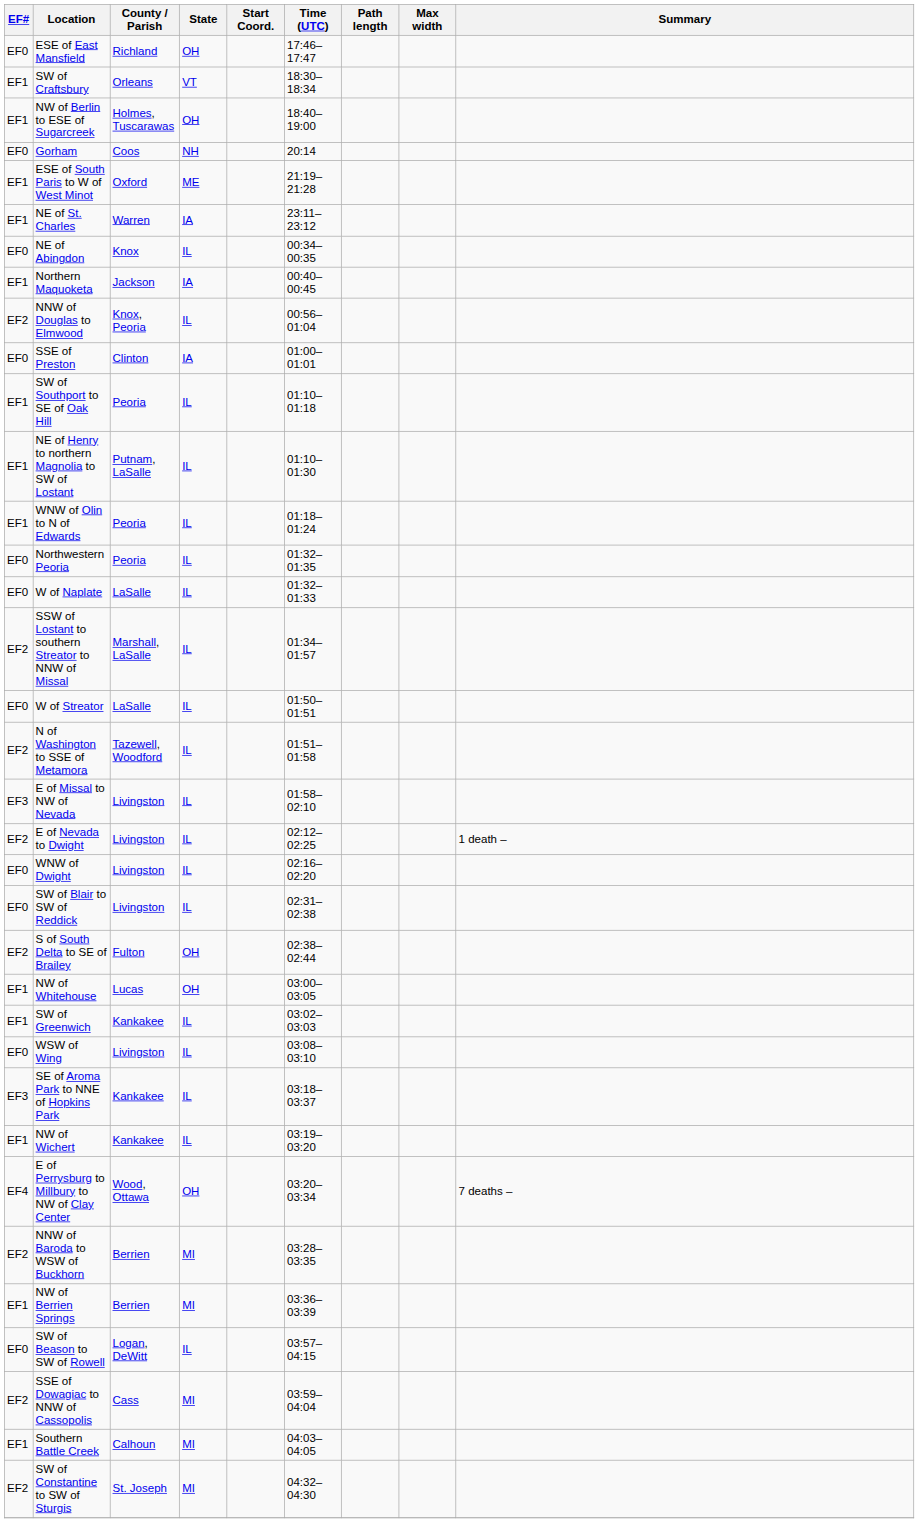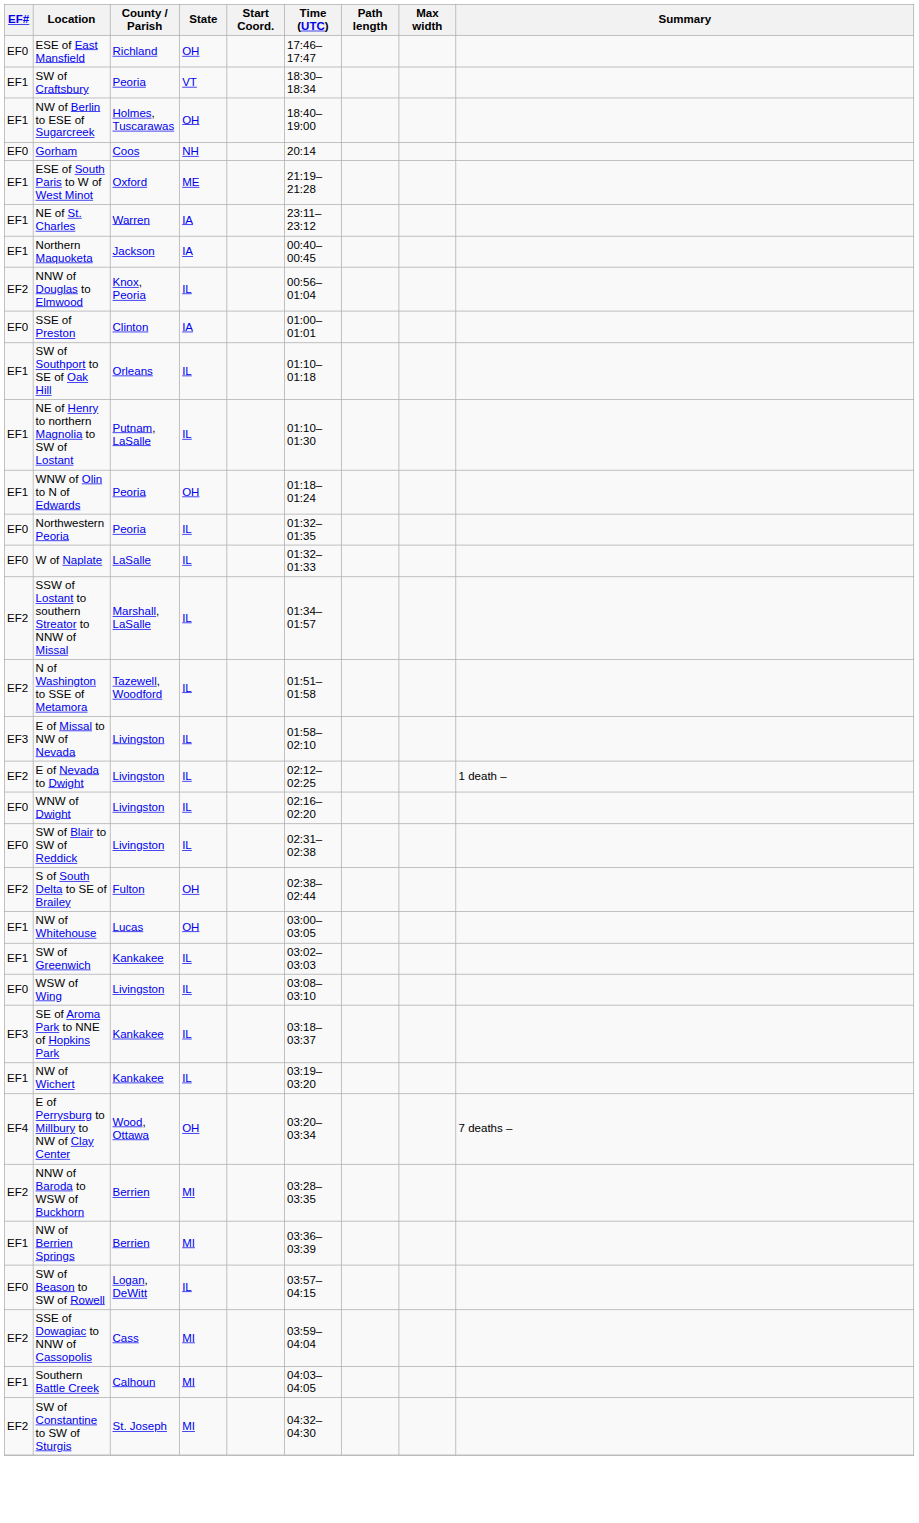 <table class="wikitable sortable" style="width:100%;">
 <tr>
 <th scope="col"  style="width:3%; text-align:center;"><a href='#'>EF#</a></th>
 <th scope="col"  style="width:7%; text-align:center;" class="unsortable">Location</th>
 <th scope="col"  style="width:6%; text-align:center;" class="unsortable">County / Parish</th>
 <th scope="col"  style="width:5%; text-align:center;">State</th>
 <th scope="col"  style="width:6%; text-align:center;">Start Coord.</th>
 <th scope="col"  style="width:6%; text-align:center;">Time (<a href='#'>UTC</a>)</th>
 <th scope="col"  style="width:6%; text-align:center;">Path length</th>
 <th scope="col"  style="width:6%; text-align:center;">Max width</th>
 <th scope="col" class="unsortable" style="width:48%; text-align:center;">Summary</th>
 </tr>
 <tr>
 <td>EF0</td>
 <td>ESE of <a href='#'>East Mansfield</a></td>
 <td><a href='#'>Richland</a></td>
 <td><a href='#'>OH</a></td>
 <td></td>
 <td>17:46–17:47</td>
 <td></td>
 <td></td>
 <td></td>
 </tr>
 <tr>
 <td>EF1</td>
 <td>SW of <a href='#'>Craftsbury</a></td>
-<td><a href='#'>Orleans</a></td>
+<td><a href='#'>Peoria</a></td>
 <td><a href='#'>VT</a></td>
 <td></td>
 <td>18:30–18:34</td>
 <td></td>
 <td></td>
 <td></td>
 </tr>
 <tr>
 <td>EF1</td>
 <td>NW of <a href='#'>Berlin</a> to ESE of <a href='#'>Sugarcreek</a></td>
 <td><a href='#'>Holmes</a>, <a href='#'>Tuscarawas</a></td>
 <td><a href='#'>OH</a></td>
 <td></td>
 <td>18:40–19:00</td>
 <td></td>
 <td></td>
 <td></td>
 </tr>
 <tr>
 <td>EF0</td>
 <td><a href='#'>Gorham</a></td>
 <td><a href='#'>Coos</a></td>
 <td><a href='#'>NH</a></td>
 <td></td>
 <td>20:14</td>
 <td></td>
 <td></td>
 <td></td>
 </tr>
 <tr>
 <td>EF1</td>
 <td>ESE of <a href='#'>South Paris</a> to W of <a href='#'>West Minot</a></td>
 <td><a href='#'>Oxford</a></td>
 <td><a href='#'>ME</a></td>
 <td></td>
 <td>21:19–21:28</td>
 <td></td>
 <td></td>
 <td></td>
 </tr>
 <tr>
 <td>EF1</td>
 <td>NE of <a href='#'>St. Charles</a></td>
 <td><a href='#'>Warren</a></td>
 <td><a href='#'>IA</a></td>
 <td></td>
 <td>23:11–23:12</td>
 <td></td>
 <td></td>
 <td></td>
 </tr>
 <tr>
-<td>EF0</td>
-<td>NE of <a href='#'>Abingdon</a></td>
-<td><a href='#'>Knox</a></td>
-<td><a href='#'>IL</a></td>
-<td></td>
-<td>00:34–00:35</td>
-<td></td>
-<td></td>
-<td></td>
-</tr>
-<tr>
 <td>EF1</td>
 <td>Northern <a href='#'>Maquoketa</a></td>
 <td><a href='#'>Jackson</a></td>
 <td><a href='#'>IA</a></td>
 <td></td>
 <td>00:40–00:45</td>
 <td></td>
 <td></td>
 <td></td>
 </tr>
 <tr>
 <td>EF2</td>
 <td>NNW of <a href='#'>Douglas</a> to <a href='#'>Elmwood</a></td>
 <td><a href='#'>Knox</a>, <a href='#'>Peoria</a></td>
 <td><a href='#'>IL</a></td>
 <td></td>
 <td>00:56–01:04</td>
 <td></td>
 <td></td>
 <td></td>
 </tr>
 <tr>
 <td>EF0</td>
 <td>SSE of <a href='#'>Preston</a></td>
 <td><a href='#'>Clinton</a></td>
 <td><a href='#'>IA</a></td>
 <td></td>
 <td>01:00–01:01</td>
 <td></td>
 <td></td>
 <td></td>
 </tr>
 <tr>
 <td>EF1</td>
 <td>SW of <a href='#'>Southport</a> to SE of <a href='#'>Oak Hill</a></td>
-<td><a href='#'>Peoria</a></td>
+<td><a href='#'>Orleans</a></td>
 <td><a href='#'>IL</a></td>
 <td></td>
 <td>01:10–01:18</td>
 <td></td>
 <td></td>
 <td></td>
 </tr>
 <tr>
 <td>EF1</td>
 <td>NE of <a href='#'>Henry</a> to northern <a href='#'>Magnolia</a> to SW of <a href='#'>Lostant</a></td>
 <td><a href='#'>Putnam</a>, <a href='#'>LaSalle</a></td>
 <td><a href='#'>IL</a></td>
 <td></td>
 <td>01:10–01:30</td>
 <td></td>
 <td></td>
 <td></td>
 </tr>
 <tr>
 <td>EF1</td>
 <td>WNW of <a href='#'>Olin</a> to N of <a href='#'>Edwards</a></td>
 <td><a href='#'>Peoria</a></td>
-<td><a href='#'>IL</a></td>
+<td><a href='#'>OH</a></td>
 <td></td>
 <td>01:18–01:24</td>
 <td></td>
 <td></td>
 <td></td>
 </tr>
 <tr>
 <td>EF0</td>
 <td>Northwestern <a href='#'>Peoria</a></td>
 <td><a href='#'>Peoria</a></td>
 <td><a href='#'>IL</a></td>
 <td></td>
 <td>01:32–01:35</td>
 <td></td>
 <td></td>
 <td></td>
 </tr>
 <tr>
 <td>EF0</td>
 <td>W of <a href='#'>Naplate</a></td>
 <td><a href='#'>LaSalle</a></td>
 <td><a href='#'>IL</a></td>
 <td></td>
 <td>01:32–01:33</td>
 <td></td>
 <td></td>
 <td></td>
 </tr>
 <tr>
 <td>EF2</td>
 <td>SSW of <a href='#'>Lostant</a> to southern <a href='#'>Streator</a> to NNW of <a href='#'>Missal</a></td>
 <td><a href='#'>Marshall</a>, <a href='#'>LaSalle</a></td>
 <td><a href='#'>IL</a></td>
 <td></td>
 <td>01:34–01:57</td>
-<td></td>
-<td></td>
-<td></td>
-</tr>
-<tr>
-<td>EF0</td>
-<td>W of <a href='#'>Streator</a></td>
-<td><a href='#'>LaSalle</a></td>
-<td><a href='#'>IL</a></td>
-<td></td>
-<td>01:50–01:51</td>
 <td></td>
 <td></td>
 <td></td>
 </tr>
 <tr>
 <td>EF2</td>
 <td>N of <a href='#'>Washington</a> to SSE of <a href='#'>Metamora</a></td>
 <td><a href='#'>Tazewell</a>, <a href='#'>Woodford</a></td>
 <td><a href='#'>IL</a></td>
 <td></td>
 <td>01:51–01:58</td>
 <td></td>
 <td></td>
 <td></td>
 </tr>
 <tr>
 <td>EF3</td>
 <td>E of <a href='#'>Missal</a> to NW of <a href='#'>Nevada</a></td>
 <td><a href='#'>Livingston</a></td>
 <td><a href='#'>IL</a></td>
 <td></td>
 <td>01:58–02:10</td>
 <td></td>
 <td></td>
 <td></td>
 </tr>
 <tr>
 <td>EF2</td>
 <td>E of <a href='#'>Nevada</a> to <a href='#'>Dwight</a></td>
 <td><a href='#'>Livingston</a></td>
 <td><a href='#'>IL</a></td>
 <td></td>
 <td>02:12–02:25</td>
 <td></td>
 <td></td>
 <td>1 death – </td>
 </tr>
 <tr>
 <td>EF0</td>
 <td>WNW of <a href='#'>Dwight</a></td>
 <td><a href='#'>Livingston</a></td>
 <td><a href='#'>IL</a></td>
 <td></td>
 <td>02:16–02:20</td>
 <td></td>
 <td></td>
 <td></td>
 </tr>
 <tr>
 <td>EF0</td>
 <td>SW of <a href='#'>Blair</a> to SW of <a href='#'>Reddick</a></td>
 <td><a href='#'>Livingston</a></td>
 <td><a href='#'>IL</a></td>
 <td></td>
 <td>02:31–02:38</td>
 <td></td>
 <td></td>
 <td></td>
 </tr>
 <tr>
 <td>EF2</td>
 <td>S of <a href='#'>South Delta</a> to SE of <a href='#'>Brailey</a></td>
 <td><a href='#'>Fulton</a></td>
 <td><a href='#'>OH</a></td>
 <td></td>
 <td>02:38–02:44</td>
 <td></td>
 <td></td>
 <td></td>
 </tr>
 <tr>
 <td>EF1</td>
 <td>NW of <a href='#'>Whitehouse</a></td>
 <td><a href='#'>Lucas</a></td>
 <td><a href='#'>OH</a></td>
 <td></td>
 <td>03:00–03:05</td>
 <td></td>
 <td></td>
 <td></td>
 </tr>
 <tr>
 <td>EF1</td>
 <td>SW of <a href='#'>Greenwich</a></td>
 <td><a href='#'>Kankakee</a></td>
 <td><a href='#'>IL</a></td>
 <td></td>
 <td>03:02–03:03</td>
 <td></td>
 <td></td>
 <td></td>
 </tr>
 <tr>
 <td>EF0</td>
 <td>WSW of <a href='#'>Wing</a></td>
 <td><a href='#'>Livingston</a></td>
 <td><a href='#'>IL</a></td>
 <td></td>
 <td>03:08–03:10</td>
 <td></td>
 <td></td>
 <td></td>
 </tr>
 <tr>
 <td>EF3</td>
 <td>SE of <a href='#'>Aroma Park</a> to NNE of <a href='#'>Hopkins Park</a></td>
 <td><a href='#'>Kankakee</a></td>
 <td><a href='#'>IL</a></td>
 <td></td>
 <td>03:18–03:37</td>
 <td></td>
 <td></td>
 <td></td>
 </tr>
 <tr>
 <td>EF1</td>
 <td>NW of <a href='#'>Wichert</a></td>
 <td><a href='#'>Kankakee</a></td>
 <td><a href='#'>IL</a></td>
 <td></td>
 <td>03:19–03:20</td>
 <td></td>
 <td></td>
 <td></td>
 </tr>
 <tr>
 <td>EF4</td>
 <td>E of <a href='#'>Perrysburg</a> to <a href='#'>Millbury</a> to NW of <a href='#'>Clay Center</a></td>
 <td><a href='#'>Wood</a>, <a href='#'>Ottawa</a></td>
 <td><a href='#'>OH</a></td>
 <td></td>
 <td>03:20–03:34</td>
 <td></td>
 <td></td>
 <td>7 deaths – </td>
 </tr>
 <tr>
 <td>EF2</td>
 <td>NNW of <a href='#'>Baroda</a> to WSW of <a href='#'>Buckhorn</a></td>
 <td><a href='#'>Berrien</a></td>
 <td><a href='#'>MI</a></td>
 <td></td>
 <td>03:28–03:35</td>
 <td></td>
 <td></td>
 <td></td>
 </tr>
 <tr>
 <td>EF1</td>
 <td>NW of <a href='#'>Berrien Springs</a></td>
 <td><a href='#'>Berrien</a></td>
 <td><a href='#'>MI</a></td>
 <td></td>
 <td>03:36–03:39</td>
 <td></td>
 <td></td>
 <td></td>
 </tr>
 <tr>
 <td>EF0</td>
 <td>SW of <a href='#'>Beason</a> to SW of <a href='#'>Rowell</a></td>
 <td><a href='#'>Logan</a>, <a href='#'>DeWitt</a></td>
 <td><a href='#'>IL</a></td>
 <td></td>
 <td>03:57–04:15</td>
 <td></td>
 <td></td>
 <td></td>
 </tr>
 <tr>
 <td>EF2</td>
 <td>SSE of <a href='#'>Dowagiac</a> to NNW of <a href='#'>Cassopolis</a></td>
 <td><a href='#'>Cass</a></td>
 <td><a href='#'>MI</a></td>
 <td></td>
 <td>03:59–04:04</td>
 <td></td>
 <td></td>
 <td></td>
 </tr>
 <tr>
 <td>EF1</td>
 <td>Southern <a href='#'>Battle Creek</a></td>
 <td><a href='#'>Calhoun</a></td>
 <td><a href='#'>MI</a></td>
 <td></td>
 <td>04:03–04:05</td>
 <td></td>
 <td></td>
 <td></td>
 </tr>
 <tr>
 <td>EF2</td>
 <td>SW of <a href='#'>Constantine</a> to SW of <a href='#'>Sturgis</a></td>
 <td><a href='#'>St. Joseph</a></td>
 <td><a href='#'>MI</a></td>
 <td></td>
 <td>04:32–04:30</td>
 <td></td>
 <td></td>
 <td></td>
 </tr>
 <tr>
 </tr>
 </table>
